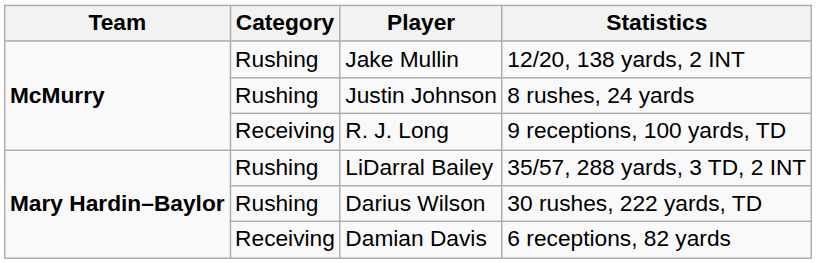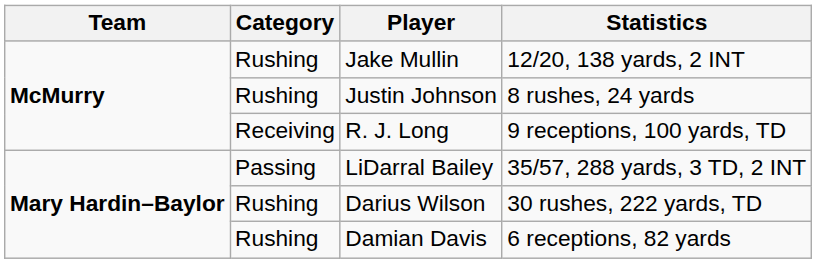 <table class="wikitable" style="float: left;">
 <tr>
 <th>Team</th>
 <th>Category</th>
 <th>Player</th>
 <th>Statistics</th>
 </tr>
 <tr>
 <td rowspan=3><strong>McMurry</strong></td>
 <td>Rushing</td>
 <td>Jake Mullin</td>
 <td>12/20, 138 yards, 2 INT</td>
 </tr>
 <tr>
 <td>Rushing</td>
 <td>Justin Johnson</td>
 <td>8 rushes, 24 yards</td>
 </tr>
 <tr>
 <td>Receiving</td>
 <td>R. J. Long</td>
 <td>9 receptions, 100 yards, TD</td>
 </tr>
 <tr>
 <td rowspan=3><strong>Mary Hardin–Baylor</strong></td>
-<td>Rushing</td>
+<td>Passing</td>
 <td>LiDarral Bailey</td>
 <td>35/57, 288 yards, 3 TD, 2 INT</td>
 </tr>
 <tr>
 <td>Rushing</td>
 <td>Darius Wilson</td>
 <td>30 rushes, 222 yards, TD</td>
 </tr>
 <tr>
-<td>Receiving</td>
+<td>Rushing</td>
 <td>Damian Davis</td>
 <td>6 receptions, 82 yards</td>
 </tr>
 </table>
